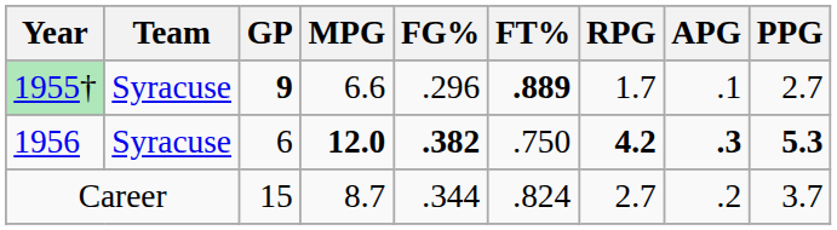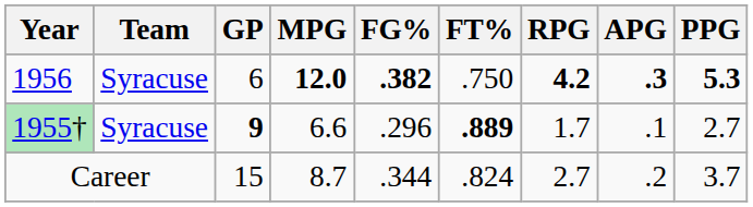 <table class="wikitable sortable" style="font-size:95%; text-align:right;">
 <tr>
 <th>Year</th>
 <th>Team</th>
 <th>GP</th>
 <th>MPG</th>
 <th>FG%</th>
 <th>FT%</th>
 <th>RPG</th>
 <th>APG</th>
 <th>PPG</th>
 </tr>
 <tr>
+<td style="text-align:left;"><a href='#'>1956</a></td>
+<td style="text-align:left;"><a href='#'>Syracuse</a></td>
+<td>6</td>
+<td><strong>12.0</strong></td>
+<td><strong>.382</strong></td>
+<td>.750</td>
+<td><strong>4.2</strong></td>
+<td><strong>.3</strong></td>
+<td><strong>5.3</strong></td>
+</tr>
+<tr>
 <td style="text-align:left;background:#afe6ba;"><a href='#'>1955</a>†</td>
 <td style="text-align:left;"><a href='#'>Syracuse</a></td>
 <td><strong>9</strong></td>
 <td>6.6</td>
 <td>.296</td>
 <td><strong>.889</strong></td>
 <td>1.7</td>
 <td>.1</td>
 <td>2.7</td>
-</tr>
-<tr>
-<td style="text-align:left;"><a href='#'>1956</a></td>
-<td style="text-align:left;"><a href='#'>Syracuse</a></td>
-<td>6</td>
-<td><strong>12.0</strong></td>
-<td><strong>.382</strong></td>
-<td>.750</td>
-<td><strong>4.2</strong></td>
-<td><strong>.3</strong></td>
-<td><strong>5.3</strong></td>
 </tr>
 <tr class="sortbottom">
 <td style="text-align:center;" colspan="2">Career</td>
 <td>15</td>
 <td>8.7</td>
 <td>.344</td>
 <td>.824</td>
 <td>2.7</td>
 <td>.2</td>
 <td>3.7</td>
 </tr>
 </table>
